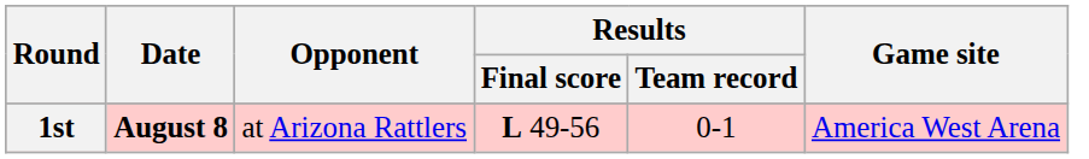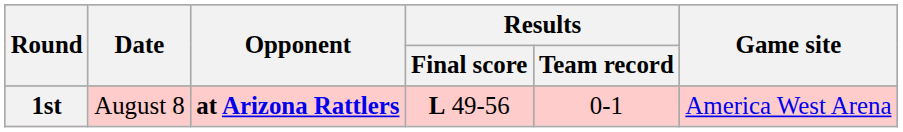 <table class="wikitable" style="font-size: 92%;" "align=center">
 <tr>
 <th rowspan="2">Round</th>
 <th rowspan="2">Date</th>
 <th rowspan="2">Opponent</th>
 <th colspan="2">Results</th>
 <th rowspan="2">Game site</th>
 </tr>
 <tr>
 <th>Final score</th>
 <th>Team record</th>
 </tr>
 <tr style="background:#fcc">
 <th>1st</th>
-<td style="text-align:center;"><strong>August 8</strong></td>
-<td style="text-align:center;">at <a href='#'>Arizona Rattlers</a></td>
+<td style="text-align:center;">August 8</td>
+<td style="text-align:center;"><strong>at <a href='#'>Arizona Rattlers</a></strong></td>
 <td style="text-align:center;"><strong>L</strong> 49-56</td>
 <td style="text-align:center;">0-1</td>
 <td style="text-align:center;"><a href='#'>America West Arena</a></td>
 </tr>
 </table>
